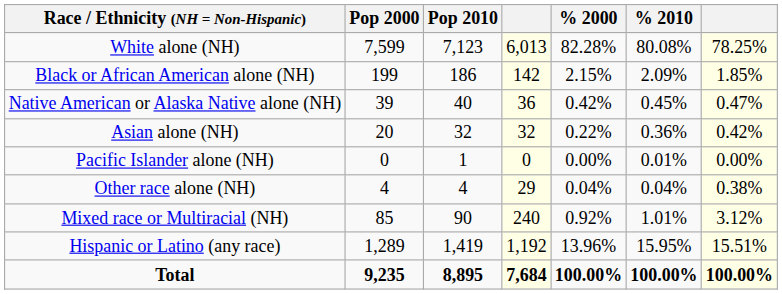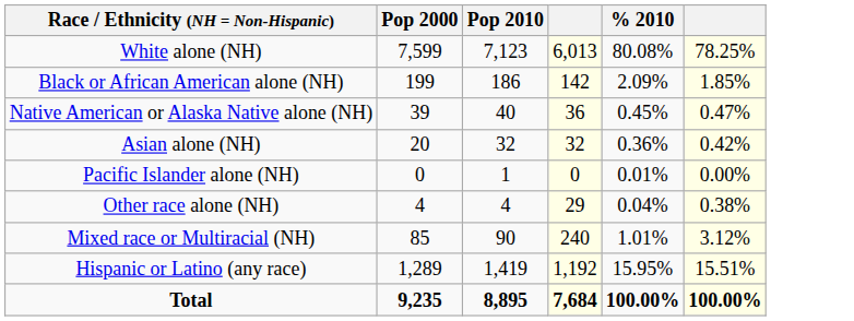 <table class="wikitable" style="text-align:center;">
 <tr>
 <th>Race / Ethnicity <small>(<em>NH = Non-Hispanic</em>)</small></th>
 <th>Pop 2000</th>
 <th>Pop 2010</th>
 <th></th>
-<th>% 2000</th>
 <th>% 2010</th>
 <th></th>
 </tr>
 <tr>
 <td><a href='#'>White</a> alone (NH)</td>
 <td>7,599</td>
 <td>7,123</td>
 <td style='background: #ffffe6;'>6,013</td>
-<td>82.28%</td>
 <td>80.08%</td>
 <td style='background: #ffffe6;'>78.25%</td>
 </tr>
 <tr>
 <td><a href='#'>Black or African American</a> alone (NH)</td>
 <td>199</td>
 <td>186</td>
 <td style='background: #ffffe6;'>142</td>
-<td>2.15%</td>
 <td>2.09%</td>
 <td style='background: #ffffe6;'>1.85%</td>
 </tr>
 <tr>
 <td><a href='#'>Native American</a> or <a href='#'>Alaska Native</a> alone (NH)</td>
 <td>39</td>
 <td>40</td>
 <td style='background: #ffffe6;'>36</td>
-<td>0.42%</td>
 <td>0.45%</td>
 <td style='background: #ffffe6;'>0.47%</td>
 </tr>
 <tr>
 <td><a href='#'>Asian</a> alone (NH)</td>
 <td>20</td>
 <td>32</td>
 <td style='background: #ffffe6;'>32</td>
-<td>0.22%</td>
 <td>0.36%</td>
 <td style='background: #ffffe6;'>0.42%</td>
 </tr>
 <tr>
 <td><a href='#'>Pacific Islander</a> alone (NH)</td>
 <td>0</td>
 <td>1</td>
 <td style='background: #ffffe6;'>0</td>
-<td>0.00%</td>
 <td>0.01%</td>
 <td style='background: #ffffe6;'>0.00%</td>
 </tr>
 <tr>
 <td><a href='#'>Other race</a> alone (NH)</td>
 <td>4</td>
 <td>4</td>
 <td style='background: #ffffe6;'>29</td>
 <td>0.04%</td>
-<td>0.04%</td>
 <td style='background: #ffffe6;'>0.38%</td>
 </tr>
 <tr>
 <td><a href='#'>Mixed race or Multiracial</a> (NH)</td>
 <td>85</td>
 <td>90</td>
 <td style='background: #ffffe6;'>240</td>
-<td>0.92%</td>
 <td>1.01%</td>
 <td style='background: #ffffe6;'>3.12%</td>
 </tr>
 <tr>
 <td><a href='#'>Hispanic or Latino</a> (any race)</td>
 <td>1,289</td>
 <td>1,419</td>
 <td style='background: #ffffe6;'>1,192</td>
-<td>13.96%</td>
 <td>15.95%</td>
 <td style='background: #ffffe6;'>15.51%</td>
 </tr>
 <tr>
 <td><strong>Total</strong></td>
 <td><strong>9,235</strong></td>
 <td><strong>8,895</strong></td>
 <td style='background: #ffffe6;'><strong>7,684</strong></td>
 <td><strong>100.00%</strong></td>
-<td><strong>100.00%</strong></td>
 <td style='background: #ffffe6;'><strong>100.00%</strong></td>
 </tr>
 </table>
